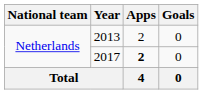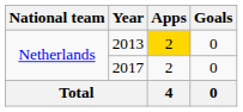 <table class="wikitable" style="text-align:center">
 <tr>
 <th>National team</th>
 <th>Year</th>
 <th>Apps</th>
 <th>Goals</th>
 </tr>
 <tr>
 <td rowspan="2"><a href='#'>Netherlands</a></td>
 <td>2013</td>
-<td>2</td>
+<td style="background: gold;">2</td>
 <td>0</td>
 </tr>
 <tr>
 <td>2017</td>
-<td><strong>2</strong></td>
+<td>2</td>
 <td>0</td>
 </tr>
 <tr>
 <th colspan="2">Total</th>
 <th>4</th>
 <th>0</th>
 </tr>
 </table>
